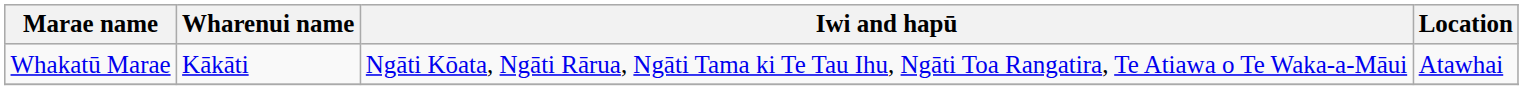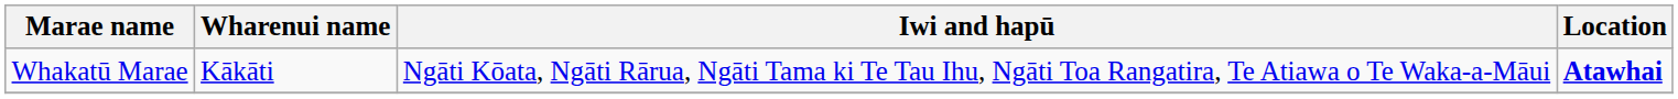 <table class="wikitable sortable">
 <tr>
 <th>Marae name</th>
 <th>Wharenui name</th>
 <th>Iwi and hapū</th>
 <th>Location</th>
 </tr>
 <tr>
 <td><a href='#'>Whakatū Marae</a></td>
 <td><a href='#'>Kākāti</a></td>
 <td><a href='#'>Ngāti Kōata</a>, <a href='#'>Ngāti Rārua</a>, <a href='#'>Ngāti Tama ki Te Tau Ihu</a>, <a href='#'>Ngāti Toa Rangatira</a>, <a href='#'>Te Atiawa o Te Waka-a-Māui</a></td>
-<td><a href='#'>Atawhai</a></td>
+<td><strong><a href='#'>Atawhai</a></strong></td>
 </tr>
 <tr>
 </tr>
 </table>
